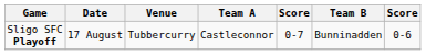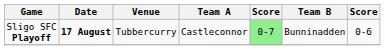 <table class="wikitable">
 <tr>
 <th>Game</th>
 <th>Date</th>
 <th>Venue</th>
 <th>Team A</th>
 <th>Score</th>
 <th>Team B</th>
 <th>Score</th>
 </tr>
 <tr align="center">
 <td>Sligo SFC<br><strong>Playoff</strong></td>
-<td>17 August</td>
+<td><strong>17 August</strong></td>
 <td>Tubbercurry</td>
 <td>Castleconnor</td>
-<td>0-7</td>
+<td style="background: lightgreen;">0-7</td>
 <td>Bunninadden</td>
 <td>0-6</td>
 </tr>
 <tr align="center">
 </tr>
 </table>
